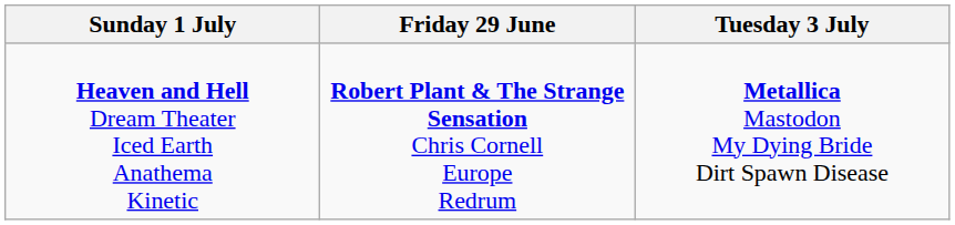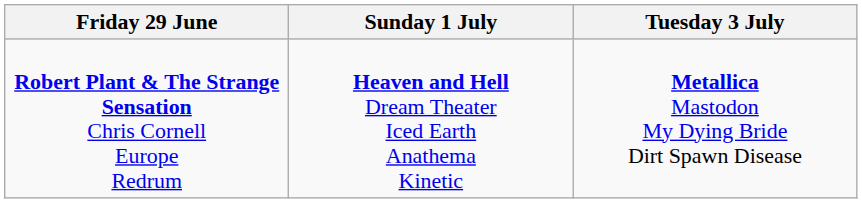 <table class="wikitable">
 <tr>
+<th>Friday 29 June</th>
 <th>Sunday 1 July</th>
-<th>Friday 29 June</th>
 <th>Tuesday 3 July</th>
 </tr>
 <tr>
+<td valign="top" align="center" width=200><br><strong><a href='#'>Robert Plant & The Strange Sensation</a></strong> <br><a href='#'>Chris Cornell</a> <br><a href='#'>Europe</a> <br><a href='#'>Redrum</a></td>
 <td valign="top" align="center" width=200><br><strong><a href='#'>Heaven and Hell</a></strong> <br><a href='#'>Dream Theater</a> <br><a href='#'>Iced Earth</a> <br><a href='#'>Anathema</a> <br><a href='#'>Kinetic</a></td>
-<td valign="top" align="center" width=200><br><strong><a href='#'>Robert Plant & The Strange Sensation</a></strong> <br><a href='#'>Chris Cornell</a> <br><a href='#'>Europe</a> <br><a href='#'>Redrum</a></td>
 <td valign="top" align="center" width=200><br><strong><a href='#'>Metallica</a></strong> <br><a href='#'>Mastodon</a> <br><a href='#'>My Dying Bride</a> <br>Dirt Spawn Disease</td>
 </tr>
 </table>
